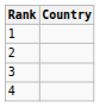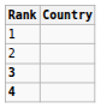 <table class="wikitable">
 <tr>
 <th>Rank</th>
 <th>Country</th>
 </tr>
 <tr>
 <td>1</td>
 <td><strong></strong></td>
 </tr>
 <tr>
 <td>2</td>
 <td><strong></strong></td>
 </tr>
 <tr>
-<td>3</td>
+<td><strong>3</strong></td>
 <td><strong></strong></td>
 </tr>
 <tr>
-<td>4</td>
+<td><strong>4</strong></td>
 <td></td>
 </tr>
 </table>
